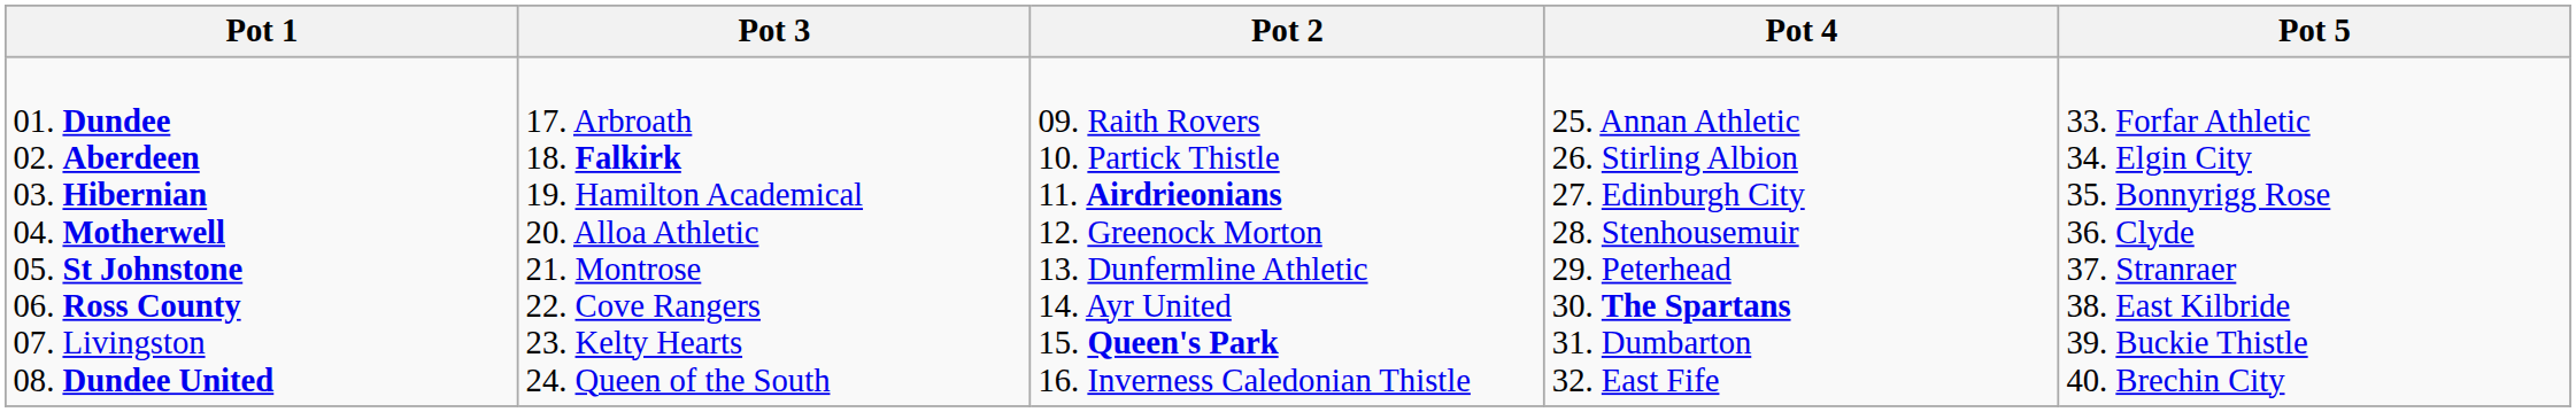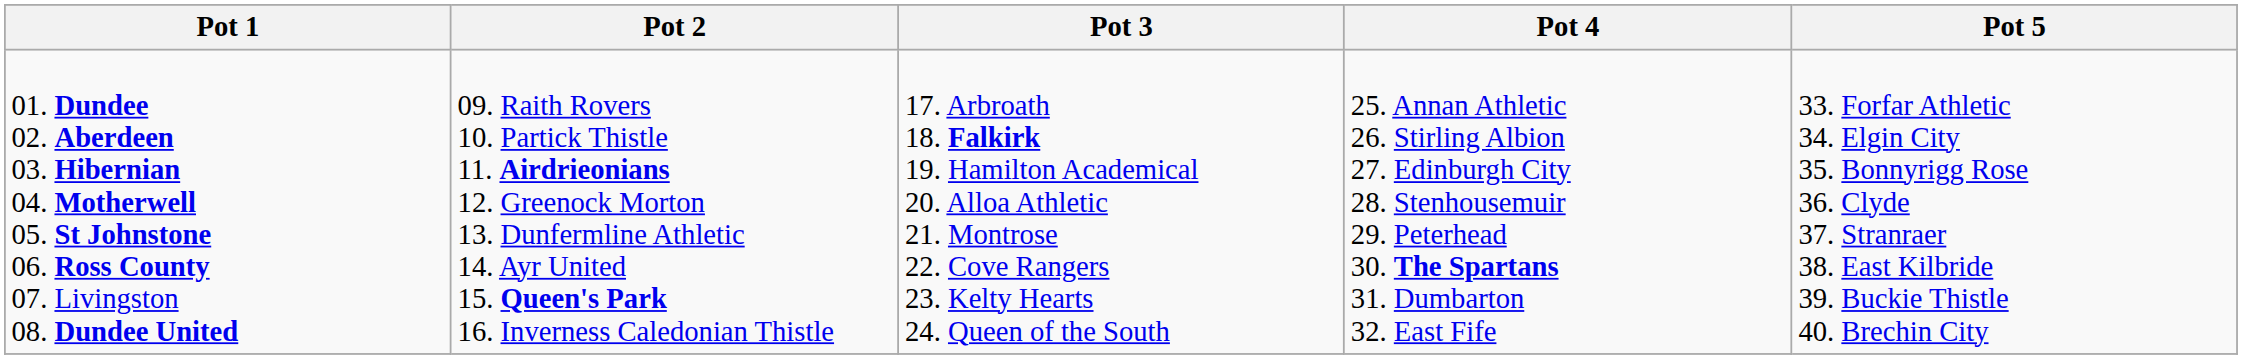 <table class="wikitable">
 <tr>
 <th style="width:250px;">Pot 1</th>
+<th style="width:250px;">Pot 2</th>
 <th style="width:250px;">Pot 3</th>
-<th style="width:250px;">Pot 2</th>
 <th style="width:250px;">Pot 4</th>
 <th style="width:250px;">Pot 5</th>
 </tr>
 <tr>
 <td valign=top><br>01. <strong><a href='#'>Dundee</a></strong><br> 02. <strong><a href='#'>Aberdeen</a></strong><br> 03. <strong><a href='#'>Hibernian</a></strong><br> 04. <strong><a href='#'>Motherwell</a></strong><br> 05. <strong><a href='#'>St Johnstone</a></strong><br> 06. <strong><a href='#'>Ross County</a></strong><br> 07. <a href='#'>Livingston</a><br> 08. <strong><a href='#'>Dundee United</a></strong></td>
+<td valign=top><br>09. <a href='#'>Raith Rovers</a><br> 10. <a href='#'>Partick Thistle</a><br> 11. <strong><a href='#'>Airdrieonians</a></strong><br> 12. <a href='#'>Greenock Morton</a><br> 13. <a href='#'>Dunfermline Athletic</a><br> 14. <a href='#'>Ayr United</a><br> 15. <strong><a href='#'>Queen's Park</a></strong><br> 16. <a href='#'>Inverness Caledonian Thistle</a></td>
 <td valign=top><br>17. <a href='#'>Arbroath</a><br> 18. <strong><a href='#'>Falkirk</a></strong><br> 19. <a href='#'>Hamilton Academical</a><br> 20. <a href='#'>Alloa Athletic</a><br> 21. <a href='#'>Montrose</a><br> 22. <a href='#'>Cove Rangers</a><br> 23. <a href='#'>Kelty Hearts</a><br> 24. <a href='#'>Queen of the South</a></td>
-<td valign=top><br>09. <a href='#'>Raith Rovers</a><br> 10. <a href='#'>Partick Thistle</a><br> 11. <strong><a href='#'>Airdrieonians</a></strong><br> 12. <a href='#'>Greenock Morton</a><br> 13. <a href='#'>Dunfermline Athletic</a><br> 14. <a href='#'>Ayr United</a><br> 15. <strong><a href='#'>Queen's Park</a></strong><br> 16. <a href='#'>Inverness Caledonian Thistle</a></td>
 <td valign=top><br>25. <a href='#'>Annan Athletic</a><br> 26. <a href='#'>Stirling Albion</a><br> 27. <a href='#'>Edinburgh City</a><br> 28. <a href='#'>Stenhousemuir</a><br> 29. <a href='#'>Peterhead</a><br> 30. <strong><a href='#'>The Spartans</a></strong><br> 31. <a href='#'>Dumbarton</a><br> 32. <a href='#'>East Fife</a></td>
 <td valign=top><br>33. <a href='#'>Forfar Athletic</a><br> 34. <a href='#'>Elgin City</a><br> 35. <a href='#'>Bonnyrigg Rose</a><br> 36. <a href='#'>Clyde</a><br> 37. <a href='#'>Stranraer</a><br> 38. <a href='#'>East Kilbride</a><br> 39. <a href='#'>Buckie Thistle</a><br> 40. <a href='#'>Brechin City</a></td>
 </tr>
 </table>
